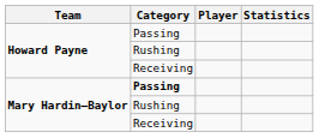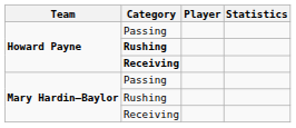 <table class="wikitable" style="float: right;">
 <tr>
 <th>Team</th>
 <th>Category</th>
 <th>Player</th>
 <th>Statistics</th>
 </tr>
 <tr>
 <td rowspan=3><strong>Howard Payne</strong></td>
 <td>Passing</td>
 <td></td>
 <td></td>
 </tr>
 <tr>
-<td>Rushing</td>
+<td><strong>Rushing</strong></td>
 <td></td>
 <td></td>
 </tr>
 <tr>
-<td>Receiving</td>
+<td><strong>Receiving</strong></td>
 <td></td>
 <td></td>
 </tr>
 <tr>
 <td rowspan=3><strong>Mary Hardin–Baylor</strong></td>
-<td><strong>Passing</strong></td>
+<td>Passing</td>
 <td></td>
 <td></td>
 </tr>
 <tr>
 <td>Rushing</td>
 <td></td>
 <td></td>
 </tr>
 <tr>
 <td>Receiving</td>
 <td></td>
 <td></td>
 </tr>
 </table>
